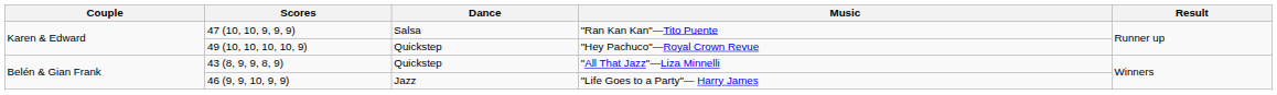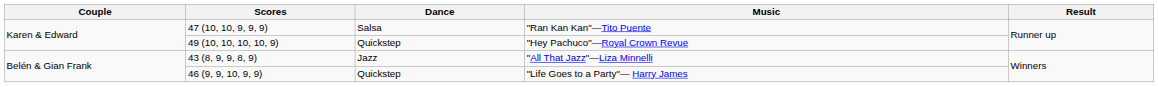 <table class="wikitable sortable" style="width:95%; white-space:nowrap;">
 <tr>
 <th style="width:15%;">Couple</th>
 <th style="width:14%;">Scores</th>
 <th style="width:14%;">Dance</th>
 <th style="width:40%;">Music</th>
 <th style="width:12%;">Result</th>
 </tr>
 <tr>
 <td rowspan=2>Karen & Edward</td>
 <td>47 (10, 10, 9, 9, 9)</td>
 <td>Salsa</td>
 <td>"Ran Kan Kan"—<a href='#'>Tito Puente</a></td>
 <td rowspan=2>Runner up</td>
 </tr>
 <tr>
 <td>49 (10, 10, 10, 10, 9)</td>
 <td>Quickstep</td>
 <td>"Hey Pachuco"—<a href='#'>Royal Crown Revue</a></td>
 </tr>
 <tr>
 <td rowspan=2>Belén & Gian Frank</td>
 <td>43 (8, 9, 9, 8, 9)</td>
-<td>Quickstep</td>
+<td>Jazz</td>
 <td>"<a href='#'>All That Jazz</a>"—<a href='#'>Liza Minnelli</a></td>
 <td rowspan=2>Winners</td>
 </tr>
 <tr>
 <td>46 (9, 9, 10, 9, 9)</td>
-<td>Jazz</td>
+<td>Quickstep</td>
 <td>"Life Goes to a Party"— <a href='#'>Harry James</a></td>
 </tr>
 </table>
